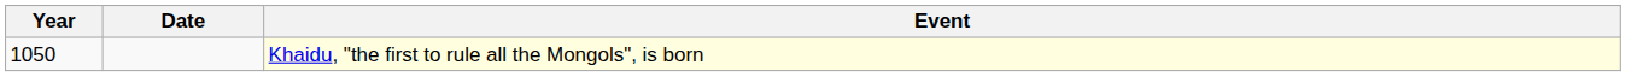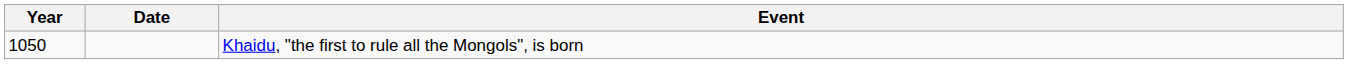 <table class="wikitable" width="100%">
 <tr>
 <th style="width:6%">Year</th>
 <th style="width:10%">Date</th>
 <th>Event</th>
 </tr>
 <tr>
 <td>1050</td>
 <td></td>
-<td style="background: lightyellow;"><a href='#'>Khaidu</a>, "the first to rule all the Mongols", is born</td>
+<td><a href='#'>Khaidu</a>, "the first to rule all the Mongols", is born</td>
 </tr>
 </table>
